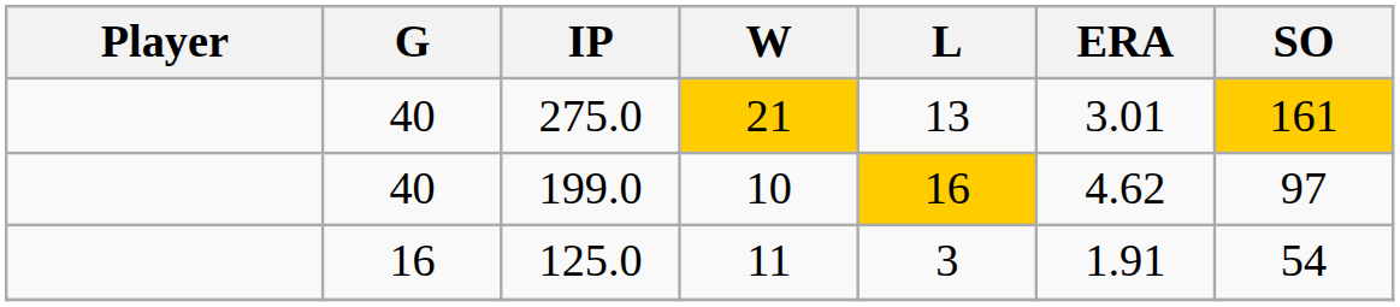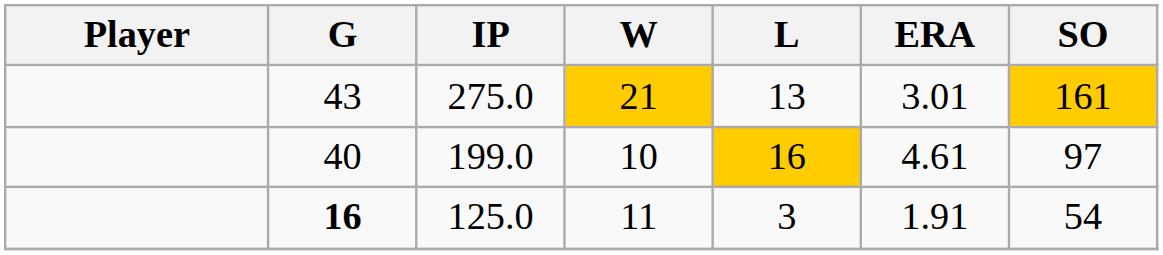 <table class="wikitable sortable">
 <tr>
 <th bgcolor="#DDDDFF" width="16%">Player</th>
 <th bgcolor="#DDDDFF" width="9%">G</th>
 <th bgcolor="#DDDDFF" width="9%">IP</th>
 <th bgcolor="#DDDDFF" width="9%">W</th>
 <th bgcolor="#DDDDFF" width="9%">L</th>
 <th bgcolor="#DDDDFF" width="9%">ERA</th>
 <th bgcolor="#DDDDFF" width="9%">SO</th>
 </tr>
 <tr align="center">
 <td></td>
-<td>40</td>
+<td>43</td>
 <td>275.0</td>
 <td style="background:#fc0;">21</td>
 <td>13</td>
 <td>3.01</td>
 <td style="background:#fc0;">161</td>
 </tr>
 <tr align="center">
 <td></td>
 <td>40</td>
 <td>199.0</td>
 <td>10</td>
 <td style="background:#fc0;">16</td>
-<td>4.62</td>
+<td>4.61</td>
 <td>97</td>
 </tr>
 <tr align="center">
 <td></td>
-<td>16</td>
+<td><strong>16</strong></td>
 <td>125.0</td>
 <td>11</td>
 <td>3</td>
 <td>1.91</td>
 <td>54</td>
 </tr>
 <tr align="center">
 </tr>
 </table>
